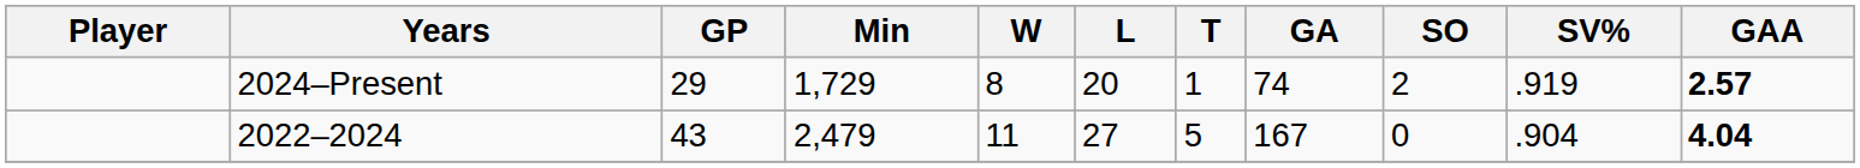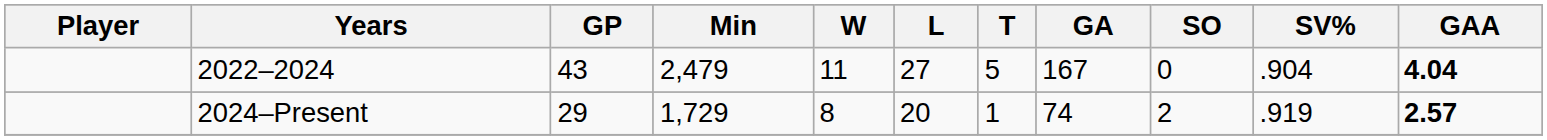 <table class="wikitable sortable" width = 900>
 <tr>
 <th>Player</th>
 <th>Years</th>
 <th>GP</th>
 <th>Min</th>
 <th>W</th>
 <th>L</th>
 <th>T</th>
 <th>GA</th>
 <th>SO</th>
 <th>SV%</th>
 <th>GAA</th>
 </tr>
 <tr>
 <td></td>
+<td>2022–2024</td>
+<td>43</td>
+<td>2,479</td>
+<td>11</td>
+<td>27</td>
+<td>5</td>
+<td>167</td>
+<td>0</td>
+<td>.904</td>
+<td><strong>4.04</strong></td>
+</tr>
+<tr>
+<td></td>
 <td>2024–Present</td>
 <td>29</td>
 <td>1,729</td>
 <td>8</td>
 <td>20</td>
 <td>1</td>
 <td>74</td>
 <td>2</td>
 <td>.919</td>
 <td><strong>2.57</strong></td>
 </tr>
 <tr>
-<td></td>
-<td>2022–2024</td>
-<td>43</td>
-<td>2,479</td>
-<td>11</td>
-<td>27</td>
-<td>5</td>
-<td>167</td>
-<td>0</td>
-<td>.904</td>
-<td><strong>4.04</strong></td>
-</tr>
-<tr>
 </tr>
 </table>
